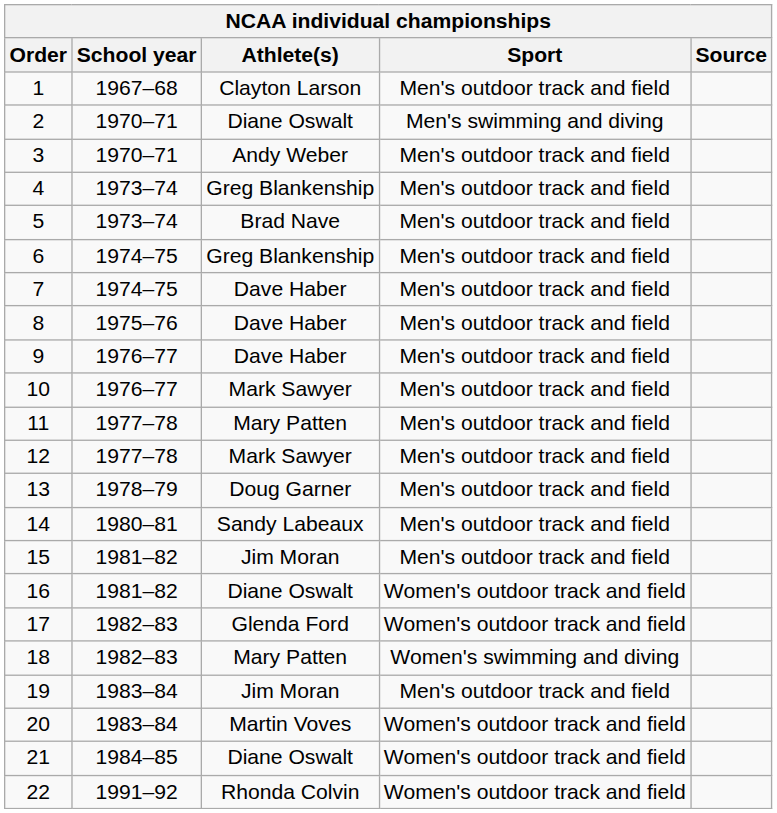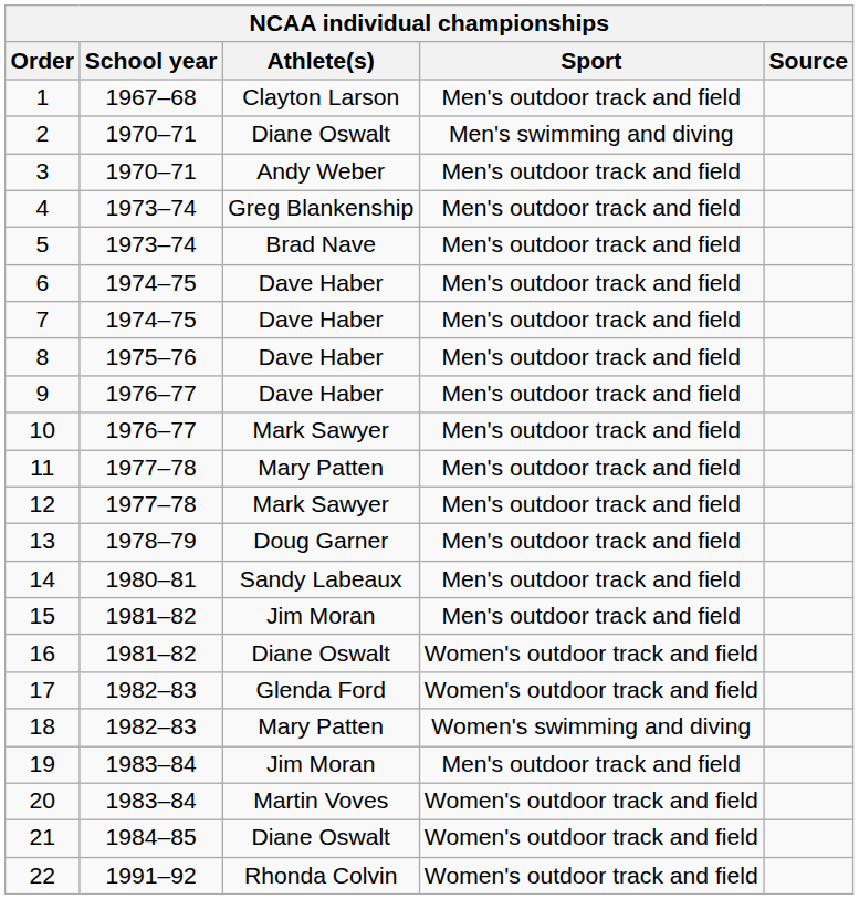 <table class="wikitable sortable" style="text-align:center">
 <tr align="center">
 <th colspan=5>NCAA individual championships</th>
 </tr>
 <tr>
 <th>Order</th>
 <th>School year</th>
 <th>Athlete(s)</th>
 <th>Sport</th>
 <th>Source</th>
 </tr>
 <tr align="center" bgcolor="">
 <td>1</td>
 <td>1967–68</td>
 <td>Clayton Larson</td>
 <td>Men's outdoor track and field</td>
 <td></td>
 </tr>
 <tr align="center" bgcolor="">
 <td>2</td>
 <td>1970–71</td>
 <td>Diane Oswalt</td>
 <td>Men's swimming and diving</td>
 <td></td>
 </tr>
 <tr align="center" bgcolor="">
 <td>3</td>
 <td>1970–71</td>
 <td>Andy Weber</td>
 <td>Men's outdoor track and field</td>
 <td></td>
 </tr>
 <tr align="center" bgcolor="">
 <td>4</td>
 <td>1973–74</td>
 <td>Greg Blankenship</td>
 <td>Men's outdoor track and field</td>
 <td></td>
 </tr>
 <tr align="center" bgcolor="">
 <td>5</td>
 <td>1973–74</td>
 <td>Brad Nave</td>
 <td>Men's outdoor track and field</td>
 <td></td>
 </tr>
 <tr align="center" bgcolor="">
 <td>6</td>
 <td>1974–75</td>
-<td>Greg Blankenship</td>
+<td>Dave Haber</td>
 <td>Men's outdoor track and field</td>
 <td></td>
 </tr>
 <tr align="center" bgcolor="">
 <td>7</td>
 <td>1974–75</td>
 <td>Dave Haber</td>
 <td>Men's outdoor track and field</td>
 <td></td>
 </tr>
 <tr align="center" bgcolor="">
 <td>8</td>
 <td>1975–76</td>
 <td>Dave Haber</td>
 <td>Men's outdoor track and field</td>
 <td></td>
 </tr>
 <tr align="center" bgcolor="">
 <td>9</td>
 <td>1976–77</td>
 <td>Dave Haber</td>
 <td>Men's outdoor track and field</td>
 <td></td>
 </tr>
 <tr align="center" bgcolor="">
 <td>10</td>
 <td>1976–77</td>
 <td>Mark Sawyer</td>
 <td>Men's outdoor track and field</td>
 <td></td>
 </tr>
 <tr align="center" bgcolor="">
 <td>11</td>
 <td>1977–78</td>
 <td>Mary Patten</td>
 <td>Men's outdoor track and field</td>
 <td></td>
 </tr>
 <tr align="center" bgcolor="">
 <td>12</td>
 <td>1977–78</td>
 <td>Mark Sawyer</td>
 <td>Men's outdoor track and field</td>
 <td></td>
 </tr>
 <tr align="center" bgcolor="">
 <td>13</td>
 <td>1978–79</td>
 <td>Doug Garner</td>
 <td>Men's outdoor track and field</td>
 <td></td>
 </tr>
 <tr align="center" bgcolor="">
 <td>14</td>
 <td>1980–81</td>
 <td>Sandy Labeaux</td>
 <td>Men's outdoor track and field</td>
 <td></td>
 </tr>
 <tr align="center" bgcolor="">
 <td>15</td>
 <td>1981–82</td>
 <td>Jim Moran</td>
 <td>Men's outdoor track and field</td>
 <td></td>
 </tr>
 <tr align="center" bgcolor="">
 <td>16</td>
 <td>1981–82</td>
 <td>Diane Oswalt</td>
 <td>Women's outdoor track and field</td>
 <td></td>
 </tr>
 <tr align="center" bgcolor="">
 <td>17</td>
 <td>1982–83</td>
 <td>Glenda Ford</td>
 <td>Women's outdoor track and field</td>
 <td></td>
 </tr>
 <tr align="center" bgcolor="">
 <td>18</td>
 <td>1982–83</td>
 <td>Mary Patten</td>
 <td>Women's swimming and diving</td>
 <td></td>
 </tr>
 <tr align="center" bgcolor="">
 <td>19</td>
 <td>1983–84</td>
 <td>Jim Moran</td>
 <td>Men's outdoor track and field</td>
 <td></td>
 </tr>
 <tr align="center" bgcolor="">
 <td>20</td>
 <td>1983–84</td>
 <td>Martin Voves</td>
 <td>Women's outdoor track and field</td>
 <td></td>
 </tr>
 <tr align="center" bgcolor="">
 <td>21</td>
 <td>1984–85</td>
 <td>Diane Oswalt</td>
 <td>Women's outdoor track and field</td>
 <td></td>
 </tr>
 <tr align="center" bgcolor="">
 <td>22</td>
 <td>1991–92</td>
 <td>Rhonda Colvin</td>
 <td>Women's outdoor track and field</td>
 <td></td>
 </tr>
 </table>
